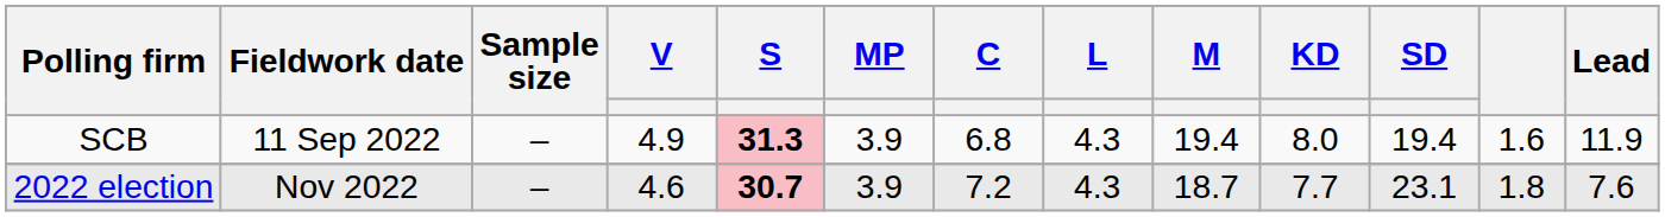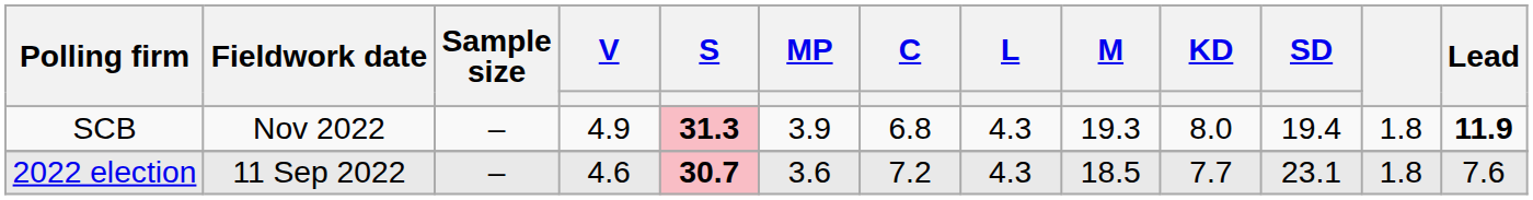 <table class="wikitable sortable" style="text-align:center;font-size:90%;line-height:14px;">
 <tr style="height:40px;">
 <th rowspan="2">Polling firm</th>
 <th rowspan="2">Fieldwork date</th>
 <th rowspan="2">Sample<br>size</th>
 <th class="sortable" style="width:40px;"><a href='#'>V</a></th>
 <th class="sortable" style="width:40px;"><a href='#'>S</a></th>
 <th class="sortable" style="width:40px;"><a href='#'>MP</a></th>
 <th class="sortable" style="width:40px;"><a href='#'>C</a></th>
 <th class="sortable" style="width:40px;"><a href='#'>L</a></th>
 <th class="sortable" style="width:40px;"><a href='#'>M</a></th>
 <th class="sortable" style="width:40px;"><a href='#'>KD</a></th>
 <th class="sortable" style="width:40px;"><a href='#'>SD</a></th>
 <th class="sortable" style="width:30px;" rowspan="2"></th>
 <th style="width:30px;" rowspan="2">Lead</th>
 </tr>
 <tr>
 <th style="background:"></th>
 <th style="background:"></th>
 <th style="background:"></th>
 <th style="background:"></th>
 <th style="background:"></th>
 <th style="background:"></th>
 <th style="background:"></th>
 <th style="background:"></th>
 </tr>
 <tr>
 <td>SCB</td>
-<td data-sort-value="2018-09-09">11 Sep 2022</td>
+<td>Nov 2022</td>
 <td>–</td>
 <td>4.9</td>
 <td style="background:#F9BDC5;"><strong>31.3</strong></td>
 <td>3.9</td>
 <td>6.8</td>
 <td>4.3</td>
-<td>19.4</td>
+<td>19.3</td>
 <td>8.0</td>
 <td>19.4</td>
-<td>1.6</td>
-<td style="background:">11.9</td>
+<td>1.8</td>
+<td style="background:"><strong>11.9</strong></td>
 </tr>
 <tr>
 </tr>
 <tr style="background:#E9E9E9;">
 <td><a href='#'>2022 election</a></td>
-<td>Nov 2022</td>
+<td data-sort-value="2018-09-09">11 Sep 2022</td>
 <td>–</td>
 <td>4.6</td>
 <td style="background:#F9BDC5;"><strong>30.7</strong></td>
-<td>3.9</td>
+<td>3.6</td>
 <td>7.2</td>
 <td>4.3</td>
-<td>18.7</td>
+<td>18.5</td>
 <td>7.7</td>
 <td>23.1</td>
 <td>1.8</td>
 <td style="background:">7.6</td>
 </tr>
 </table>
